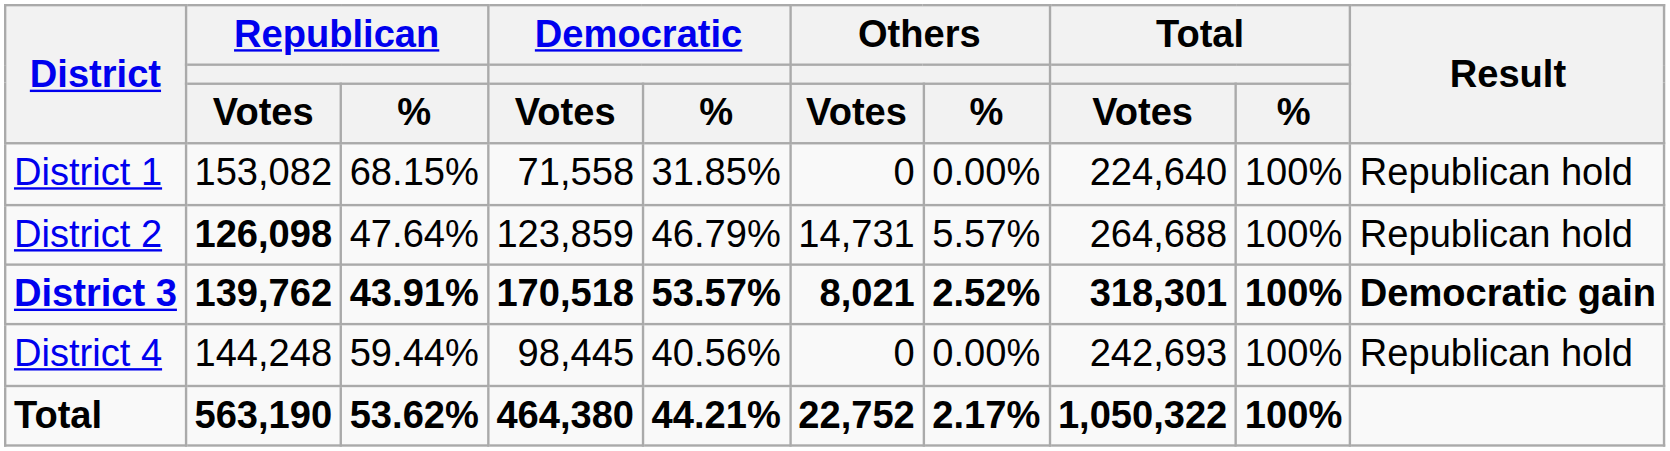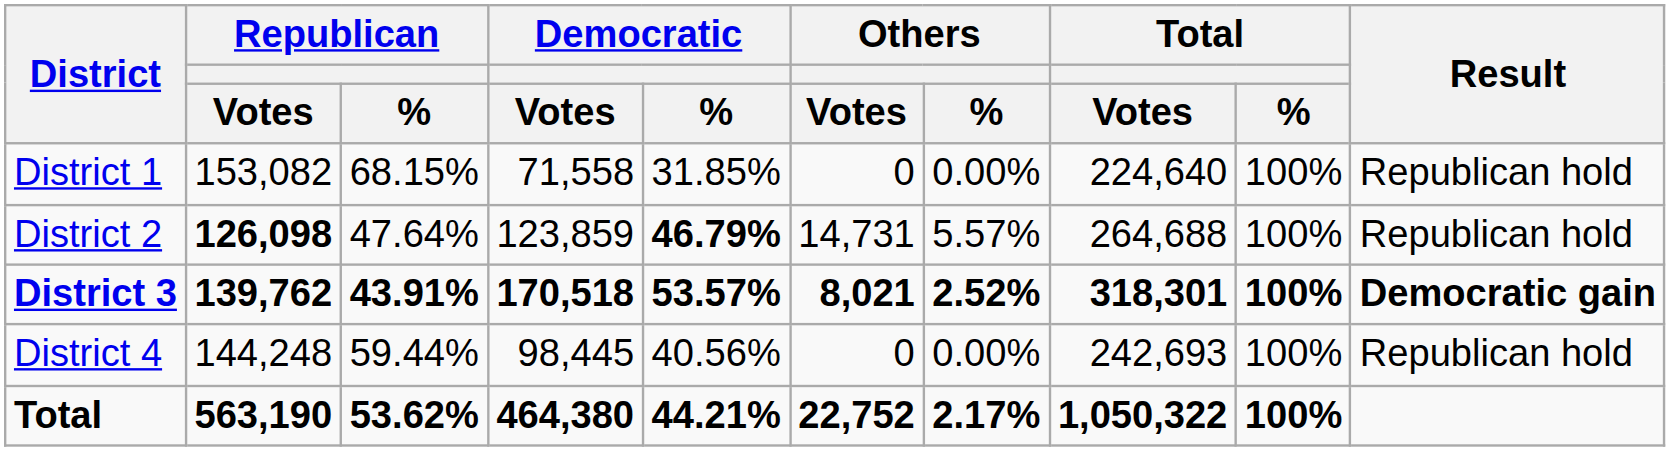 <table class="wikitable plainrowheaders sortable" style="font-size:100%; text-align:right;">
 <tr>
 <th scope=col rowspan=3><a href='#'>District</a></th>
 <th scope=col colspan=2><a href='#'>Republican</a></th>
 <th scope=col colspan=2><a href='#'>Democratic</a></th>
 <th scope=col colspan=2>Others</th>
 <th scope=col colspan=2>Total</th>
 <th scope=col rowspan=3>Result</th>
 </tr>
 <tr>
 <th scope=col colspan=2 style="background:"></th>
 <th scope=col colspan=2 style="background:"></th>
 <th scope=col colspan=2></th>
 <th scope=col colspan=2></th>
 </tr>
 <tr>
 <th scope=col data-sort-type="number">Votes</th>
 <th scope=col data-sort-type="number">%</th>
 <th scope=col data-sort-type="number">Votes</th>
 <th scope=col data-sort-type="number">%</th>
 <th scope=col data-sort-type="number">Votes</th>
 <th scope=col data-sort-type="number">%</th>
 <th scope=col data-sort-type="number">Votes</th>
 <th scope=col data-sort-type="number">%</th>
 </tr>
 <tr>
 <td align=left><a href='#'>District 1</a></td>
 <td>153,082</td>
 <td>68.15%</td>
 <td>71,558</td>
 <td>31.85%</td>
 <td>0</td>
 <td>0.00%</td>
 <td>224,640</td>
 <td>100%</td>
 <td align=left>Republican hold</td>
 </tr>
 <tr>
 <td align=left><a href='#'>District 2</a></td>
 <td><strong>126,098</strong></td>
 <td>47.64%</td>
 <td>123,859</td>
-<td>46.79%</td>
+<td><strong>46.79%</strong></td>
 <td>14,731</td>
 <td>5.57%</td>
 <td>264,688</td>
 <td>100%</td>
 <td align=left>Republican hold</td>
 </tr>
 <tr>
 <td align=left><strong><a href='#'>District 3</a></strong></td>
 <td><strong>139,762</strong></td>
 <td><strong>43.91%</strong></td>
 <td><strong>170,518</strong></td>
 <td><strong>53.57%</strong></td>
 <td><strong>8,021</strong></td>
 <td><strong>2.52%</strong></td>
 <td><strong>318,301</strong></td>
 <td><strong>100%</strong></td>
 <td align=left><strong>Democratic gain</strong></td>
 </tr>
 <tr>
 <td align=left><a href='#'>District 4</a></td>
 <td>144,248</td>
 <td>59.44%</td>
 <td>98,445</td>
 <td>40.56%</td>
 <td>0</td>
 <td>0.00%</td>
 <td>242,693</td>
 <td>100%</td>
 <td align=left>Republican hold</td>
 </tr>
 <tr class="sortbottom" style="font-weight:bold">
 <td align=left>Total</td>
 <td>563,190</td>
 <td>53.62%</td>
 <td>464,380</td>
 <td>44.21%</td>
 <td>22,752</td>
 <td>2.17%</td>
 <td>1,050,322</td>
 <td>100%</td>
 <td></td>
 </tr>
 </table>
